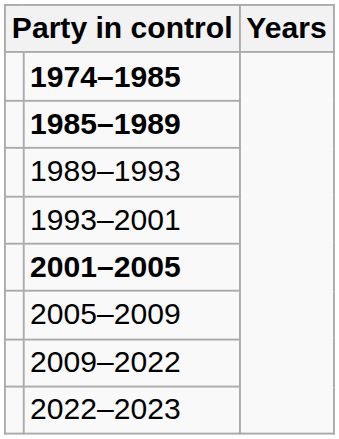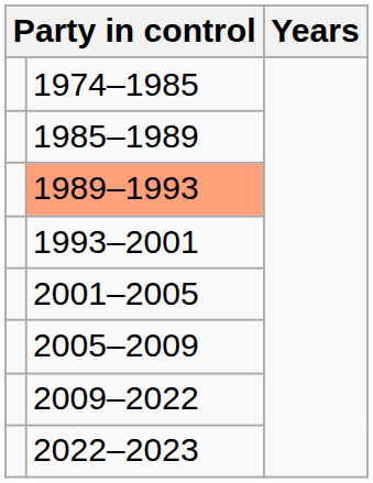 <table class="wikitable">
 <tr>
 <th colspan="2">Party in control</th>
 <th>Years</th>
 </tr>
 <tr>
 <td></td>
-<td><strong>1974–1985</strong></td>
+<td>1974–1985</td>
 </tr>
 <tr>
 <td></td>
-<td><strong>1985–1989</strong></td>
+<td>1985–1989</td>
 </tr>
 <tr>
 <td></td>
-<td>1989–1993</td>
+<td style="background: lightsalmon;">1989–1993</td>
 </tr>
 <tr>
 <td></td>
 <td>1993–2001</td>
 </tr>
 <tr>
 <td></td>
-<td><strong>2001–2005</strong></td>
+<td>2001–2005</td>
 </tr>
 <tr>
 <td></td>
 <td>2005–2009</td>
 </tr>
 <tr>
 <td></td>
 <td>2009–2022</td>
 </tr>
 <tr>
 <td></td>
 <td>2022–2023</td>
 </tr>
 </table>
